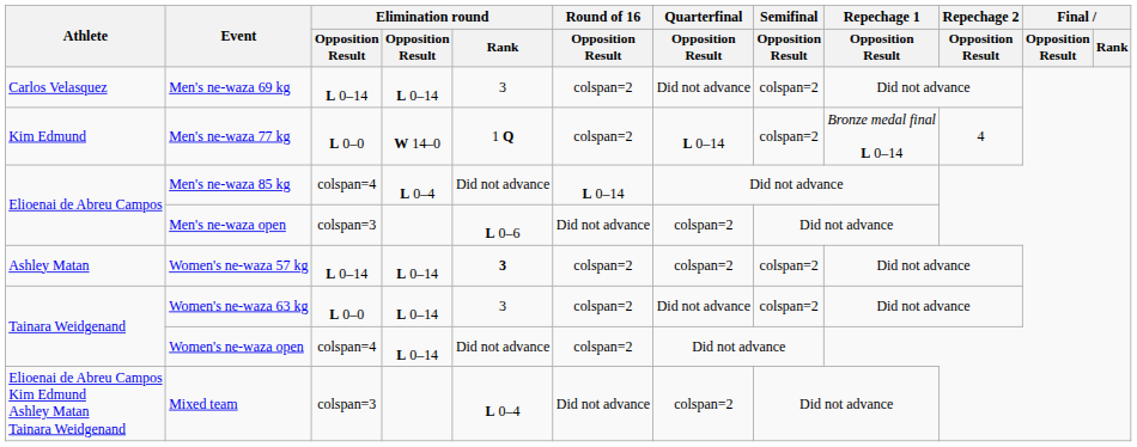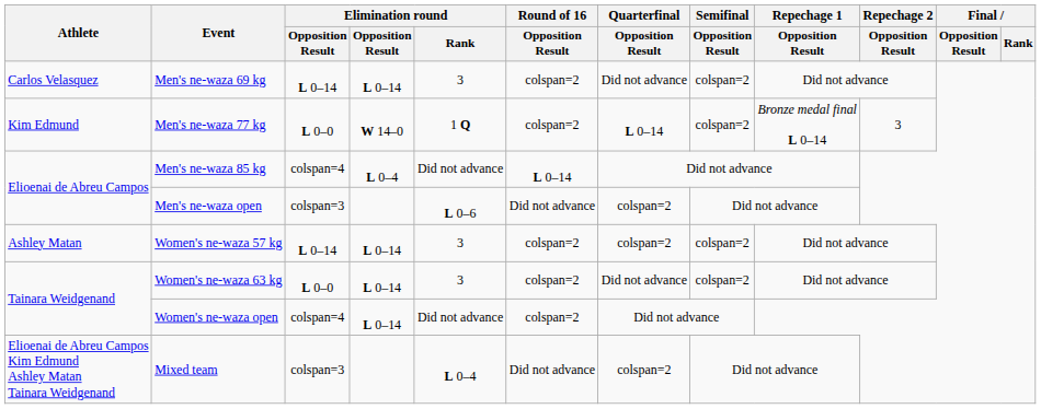 <table class=wikitable style=font-size:90%;text-align:center>
 <tr>
 <th rowspan=2>Athlete</th>
 <th rowspan=2>Event</th>
 <th colspan=3>Elimination round</th>
 <th>Round of 16</th>
 <th>Quarterfinal</th>
 <th>Semifinal</th>
 <th>Repechage 1</th>
 <th>Repechage 2</th>
 <th colspan=2>Final / </th>
 </tr>
 <tr style=font-size:95%>
 <th>Opposition<br>Result</th>
 <th>Opposition<br>Result</th>
 <th>Rank</th>
 <th>Opposition<br>Result</th>
 <th>Opposition<br>Result</th>
 <th>Opposition<br>Result</th>
 <th>Opposition<br>Result</th>
 <th>Opposition<br>Result</th>
 <th>Opposition<br>Result</th>
 <th>Rank</th>
 </tr>
 <tr>
 <td align=left><a href='#'>Carlos Velasquez</a></td>
 <td align=left><a href='#'>Men's ne-waza 69 kg</a></td>
 <td><br><strong>L</strong> 0–14</td>
 <td><br><strong>L</strong> 0–14</td>
 <td>3</td>
 <td>colspan=2 </td>
 <td>Did not advance</td>
 <td>colspan=2 </td>
 <td colspan=2>Did not advance</td>
 </tr>
 <tr>
 <td align=left><a href='#'>Kim Edmund</a></td>
 <td align=left><a href='#'>Men's ne-waza 77 kg</a></td>
 <td><br><strong>L</strong> 0–0</td>
 <td><br><strong>W</strong> 14–0</td>
 <td>1 <strong>Q</strong></td>
 <td>colspan=2 </td>
 <td><br><strong>L</strong> 0–14</td>
 <td>colspan=2 </td>
 <td><em>Bronze medal final</em><br><br><strong>L</strong> 0–14</td>
-<td>4</td>
+<td>3</td>
 </tr>
 <tr>
 <td align=left rowspan=2><a href='#'>Elioenai de Abreu Campos</a></td>
 <td align=left><a href='#'>Men's ne-waza 85 kg</a></td>
 <td>colspan=4 </td>
 <td><br><strong>L</strong> 0–4</td>
 <td>Did not advance</td>
 <td><br><strong>L</strong> 0–14</td>
 <td colspan=3>Did not advance</td>
 </tr>
 <tr>
 <td align=left><a href='#'>Men's ne-waza open</a></td>
 <td>colspan=3 </td>
 <td></td>
 <td><br><strong>L</strong> 0–6</td>
 <td>Did not advance</td>
 <td>colspan=2 </td>
 <td colspan=2>Did not advance</td>
 </tr>
 <tr>
 <td align=left><a href='#'>Ashley Matan</a></td>
 <td align=left><a href='#'>Women's ne-waza 57 kg</a></td>
 <td><br><strong>L</strong> 0–14</td>
 <td><br><strong>L</strong> 0–14</td>
-<td><strong>3</strong></td>
+<td>3</td>
 <td>colspan=2 </td>
 <td>colspan=2 </td>
 <td>colspan=2 </td>
 <td colspan=2>Did not advance</td>
 </tr>
 <tr>
 <td align=left rowspan=2><a href='#'>Tainara Weidgenand</a></td>
 <td align=left><a href='#'>Women's ne-waza 63 kg</a></td>
 <td><br><strong>L</strong> 0–0</td>
 <td><br><strong>L</strong> 0–14</td>
 <td>3</td>
 <td>colspan=2 </td>
 <td>Did not advance</td>
 <td>colspan=2 </td>
 <td colspan=2>Did not advance</td>
 </tr>
 <tr>
 <td align=left><a href='#'>Women's ne-waza open</a></td>
 <td>colspan=4 </td>
 <td><br><strong>L</strong> 0–14</td>
 <td>Did not advance</td>
 <td>colspan=2 </td>
 <td colspan=2>Did not advance</td>
 </tr>
 <tr>
 <td align=left><a href='#'>Elioenai de Abreu Campos</a><br><a href='#'>Kim Edmund</a><br><a href='#'>Ashley Matan</a><br><a href='#'>Tainara Weidgenand</a></td>
 <td align=left><a href='#'>Mixed team</a></td>
 <td>colspan=3 </td>
 <td></td>
 <td><br><strong>L</strong> 0–4</td>
 <td>Did not advance</td>
 <td>colspan=2 </td>
 <td colspan=2>Did not advance</td>
 </tr>
 </table>
